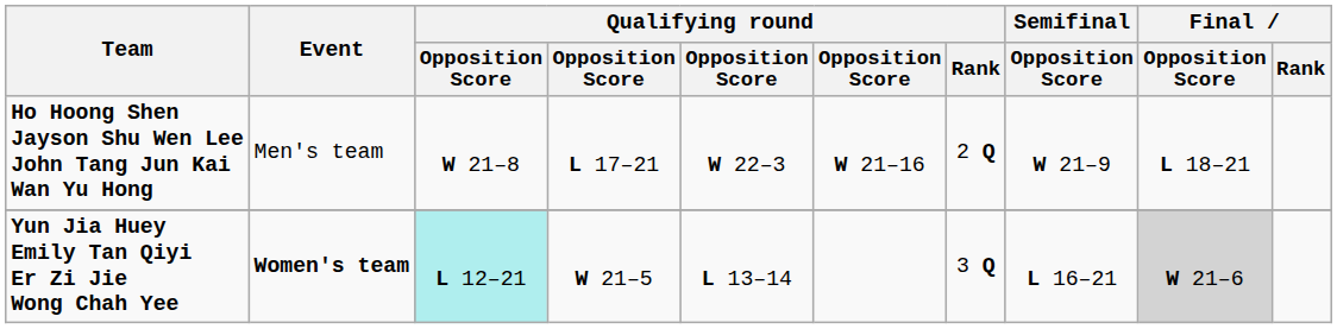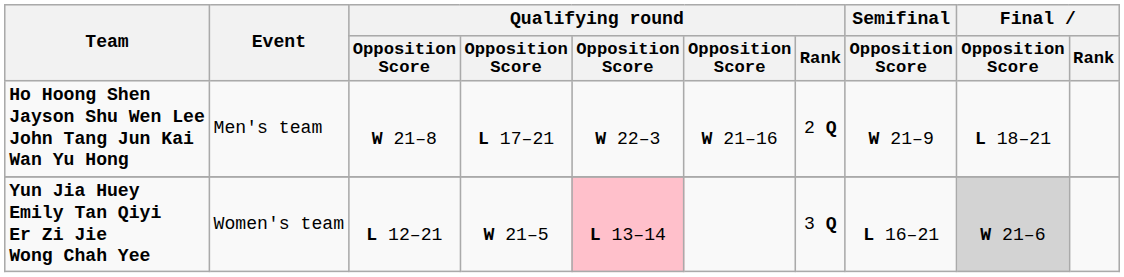 <table class="wikitable" style="font-size:90%">
 <tr>
 <th rowspan=2>Team</th>
 <th rowspan=2>Event</th>
 <th colspan=5>Qualifying round</th>
 <th>Semifinal</th>
 <th colspan=2>Final / </th>
 </tr>
 <tr style="font-size:95%">
 <th>Opposition<br>Score</th>
 <th>Opposition<br>Score</th>
 <th>Opposition<br>Score</th>
 <th>Opposition<br>Score</th>
 <th>Rank</th>
 <th>Opposition<br>Score</th>
 <th>Opposition<br>Score</th>
 <th>Rank</th>
 </tr>
 <tr align=center>
 <td align=left><strong>Ho Hoong Shen<br>Jayson Shu Wen Lee<br>John Tang Jun Kai<br>Wan Yu Hong</strong></td>
 <td align=left>Men's team</td>
 <td><br><strong>W</strong> 21–8</td>
 <td><br><strong>L</strong> 17–21</td>
 <td><br><strong>W</strong> 22–3</td>
 <td><br><strong>W</strong> 21–16</td>
 <td>2 <strong>Q</strong></td>
 <td><br><strong>W</strong> 21–9</td>
 <td><br><strong>L</strong> 18–21</td>
 <td></td>
 </tr>
 <tr>
 </tr>
 <tr align=center>
 <td align=left><strong>Yun Jia Huey<br>Emily Tan Qiyi<br>Er Zi Jie<br>Wong Chah Yee</strong></td>
-<td align=left><strong>Women's team</strong></td>
-<td style="background: paleturquoise;"><br><strong>L</strong> 12–21</td>
+<td align=left>Women's team</td>
+<td><br><strong>L</strong> 12–21</td>
 <td><br><strong>W</strong> 21–5</td>
-<td><br><strong>L</strong> 13–14</td>
+<td style="background: pink;"><br><strong>L</strong> 13–14</td>
 <td></td>
 <td>3 <strong>Q</strong></td>
 <td><br><strong>L</strong> 16–21</td>
 <td style="background: lightgrey;"><br><strong>W</strong> 21–6</td>
 <td></td>
 </tr>
 </table>
